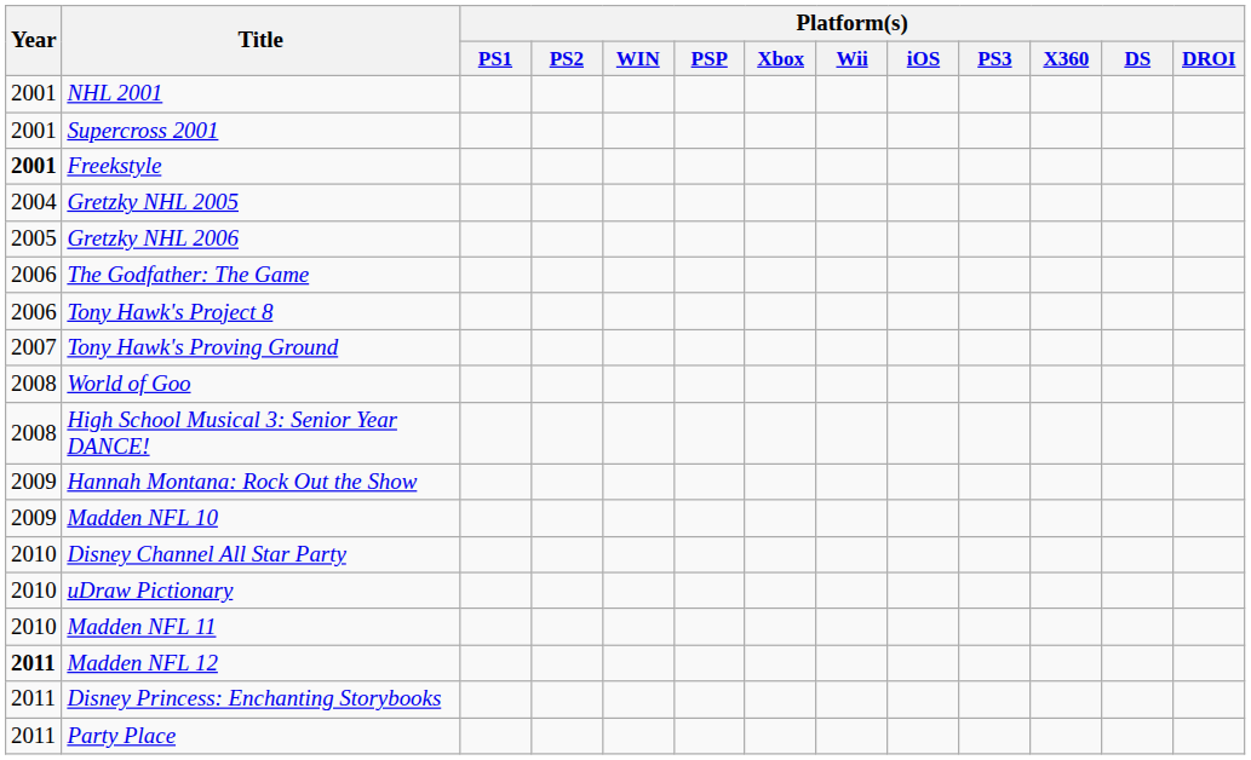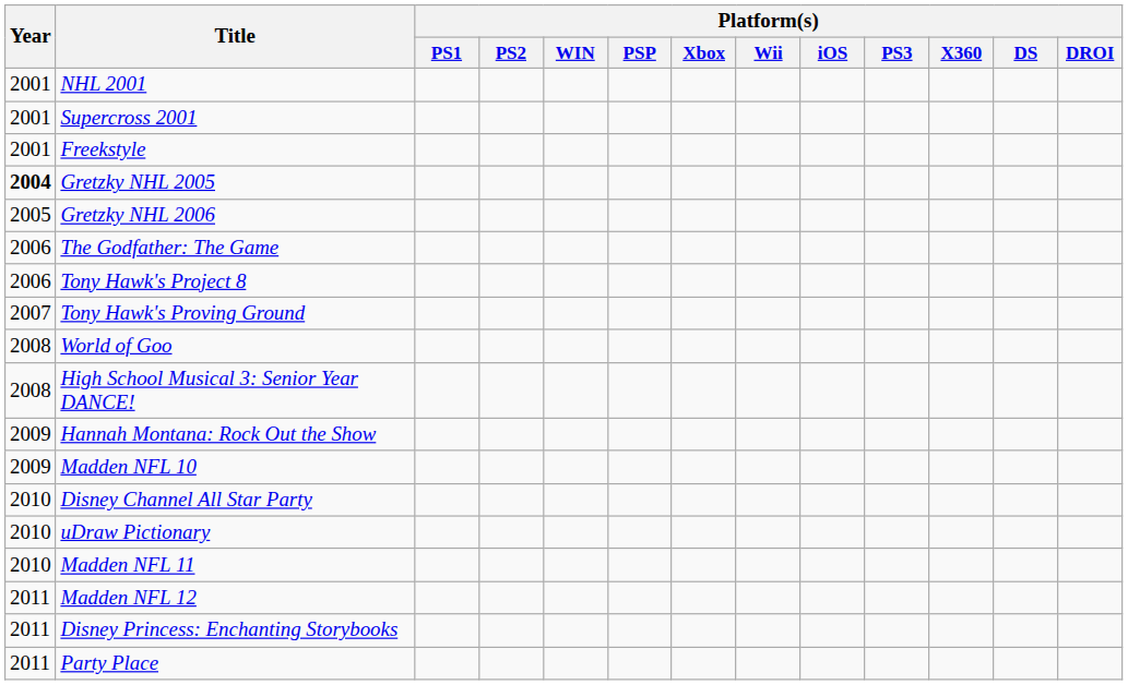 <table class="wikitable sortable">
 <tr>
 <th rowspan="2">Year</th>
 <th rowspan="2">Title</th>
 <th colspan="11">Platform(s)</th>
 </tr>
 <tr>
 <th style="width: 3em; font-size: 90%;"><a href='#'>PS1</a></th>
 <th style="width: 3em; font-size: 90%;"><a href='#'>PS2</a></th>
 <th style="width: 3em; font-size: 90%;"><a href='#'>WIN</a></th>
 <th style="width: 3em; font-size: 90%;"><a href='#'>PSP</a></th>
 <th style="width: 3em; font-size: 90%;"><a href='#'>Xbox</a></th>
 <th style="width: 3em; font-size: 90%;"><a href='#'>Wii</a></th>
 <th style="width: 3em; font-size: 90%;"><a href='#'>iOS</a></th>
 <th style="width: 3em; font-size: 90%;"><a href='#'>PS3</a></th>
 <th style="width: 3em; font-size: 90%;"><a href='#'>X360</a></th>
 <th style="width: 3em; font-size: 90%;"><a href='#'>DS</a></th>
 <th style="width: 3em; font-size: 90%;"><a href='#'>DROI</a></th>
 </tr>
 <tr>
 <td>2001</td>
 <td><em><a href='#'>NHL 2001</a></em></td>
 <td></td>
 <td></td>
 <td></td>
 <td></td>
 <td></td>
 <td></td>
 <td></td>
 <td></td>
 <td></td>
 <td></td>
 <td></td>
 </tr>
 <tr>
 <td>2001</td>
 <td><em><a href='#'>Supercross 2001</a></em></td>
 <td></td>
 <td></td>
 <td></td>
 <td></td>
 <td></td>
 <td></td>
 <td></td>
 <td></td>
 <td></td>
 <td></td>
 <td></td>
 </tr>
 <tr>
-<td><strong>2001</strong></td>
+<td>2001</td>
 <td><em><a href='#'>Freekstyle</a></em></td>
 <td></td>
 <td></td>
 <td></td>
 <td></td>
 <td></td>
 <td></td>
 <td></td>
 <td></td>
 <td></td>
 <td></td>
 <td></td>
 </tr>
 <tr>
-<td>2004</td>
+<td><strong>2004</strong></td>
 <td><em><a href='#'>Gretzky NHL 2005</a></em></td>
 <td></td>
 <td></td>
 <td></td>
 <td></td>
 <td></td>
 <td></td>
 <td></td>
 <td></td>
 <td></td>
 <td></td>
 <td></td>
 </tr>
 <tr>
 <td>2005</td>
 <td><em><a href='#'>Gretzky NHL 2006</a></em></td>
 <td></td>
 <td></td>
 <td></td>
 <td></td>
 <td></td>
 <td></td>
 <td></td>
 <td></td>
 <td></td>
 <td></td>
 <td></td>
 </tr>
 <tr>
 <td>2006</td>
 <td><em><a href='#'>The Godfather: The Game</a></em></td>
 <td></td>
 <td></td>
 <td></td>
 <td></td>
 <td></td>
 <td></td>
 <td></td>
 <td></td>
 <td></td>
 <td></td>
 <td></td>
 </tr>
 <tr>
 <td>2006</td>
 <td><em><a href='#'>Tony Hawk's Project 8</a></em></td>
 <td></td>
 <td></td>
 <td></td>
 <td></td>
 <td></td>
 <td></td>
 <td></td>
 <td></td>
 <td></td>
 <td></td>
 <td></td>
 </tr>
 <tr>
 <td>2007</td>
 <td><em><a href='#'>Tony Hawk's Proving Ground</a></em></td>
 <td></td>
 <td></td>
 <td></td>
 <td></td>
 <td></td>
 <td></td>
 <td></td>
 <td></td>
 <td></td>
 <td></td>
 <td></td>
 </tr>
 <tr>
 <td>2008</td>
 <td><em><a href='#'>World of Goo</a></em></td>
 <td></td>
 <td></td>
 <td></td>
 <td></td>
 <td></td>
 <td></td>
 <td></td>
 <td></td>
 <td></td>
 <td></td>
 <td></td>
 </tr>
 <tr>
 <td>2008</td>
 <td><em><a href='#'>High School Musical 3: Senior Year DANCE!</a></em></td>
 <td></td>
 <td></td>
 <td></td>
 <td></td>
 <td></td>
 <td></td>
 <td></td>
 <td></td>
 <td></td>
 <td></td>
 <td></td>
 </tr>
 <tr>
 <td>2009</td>
 <td><em><a href='#'>Hannah Montana: Rock Out the Show</a></em></td>
 <td></td>
 <td></td>
 <td></td>
 <td></td>
 <td></td>
 <td></td>
 <td></td>
 <td></td>
 <td></td>
 <td></td>
 <td></td>
 </tr>
 <tr>
 <td>2009</td>
 <td><em><a href='#'>Madden NFL 10</a></em></td>
 <td></td>
 <td></td>
 <td></td>
 <td></td>
 <td></td>
 <td></td>
 <td></td>
 <td></td>
 <td></td>
 <td></td>
 <td></td>
 </tr>
 <tr>
 <td>2010</td>
 <td><em><a href='#'>Disney Channel All Star Party</a></em></td>
 <td></td>
 <td></td>
 <td></td>
 <td></td>
 <td></td>
 <td></td>
 <td></td>
 <td></td>
 <td></td>
 <td></td>
 <td></td>
 </tr>
 <tr>
 <td>2010</td>
 <td><em><a href='#'>uDraw Pictionary</a></em></td>
 <td></td>
 <td></td>
 <td></td>
 <td></td>
 <td></td>
 <td></td>
 <td></td>
 <td></td>
 <td></td>
 <td></td>
 <td></td>
 </tr>
 <tr>
 <td>2010</td>
 <td><em><a href='#'>Madden NFL 11</a></em></td>
 <td></td>
 <td></td>
 <td></td>
 <td></td>
 <td></td>
 <td></td>
 <td></td>
 <td></td>
 <td></td>
 <td></td>
 <td></td>
 </tr>
 <tr>
-<td><strong>2011</strong></td>
+<td>2011</td>
 <td><em><a href='#'>Madden NFL 12</a></em></td>
 <td></td>
 <td></td>
 <td></td>
 <td></td>
 <td></td>
 <td></td>
 <td></td>
 <td></td>
 <td></td>
 <td></td>
 <td></td>
 </tr>
 <tr>
 <td>2011</td>
 <td><em><a href='#'>Disney Princess: Enchanting Storybooks</a></em></td>
 <td></td>
 <td></td>
 <td></td>
 <td></td>
 <td></td>
 <td></td>
 <td></td>
 <td></td>
 <td></td>
 <td></td>
 <td></td>
 </tr>
 <tr>
 <td>2011</td>
 <td><em><a href='#'>Party Place</a></em></td>
 <td></td>
 <td></td>
 <td></td>
 <td></td>
 <td></td>
 <td></td>
 <td></td>
 <td></td>
 <td></td>
 <td></td>
 <td></td>
 </tr>
 </table>
